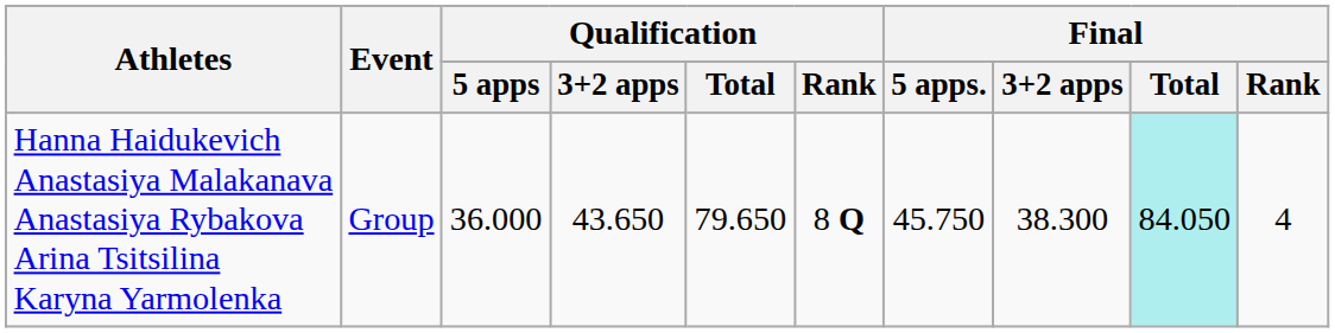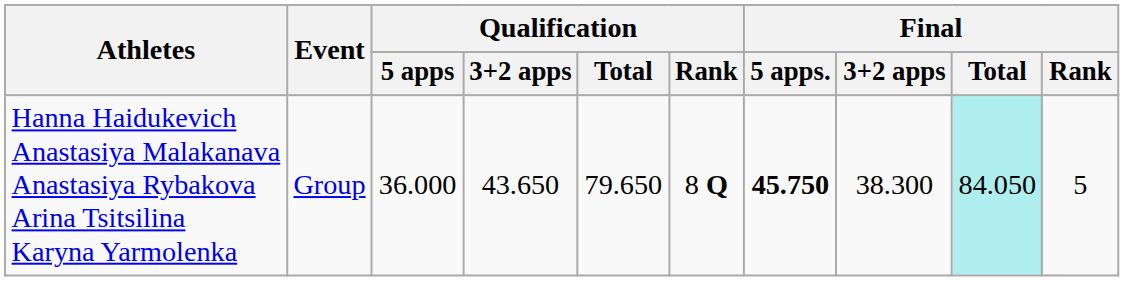 <table class="wikitable" style="font-size:90%">
 <tr>
 <th rowspan="2">Athletes</th>
 <th rowspan="2">Event</th>
 <th colspan="4">Qualification</th>
 <th colspan="4">Final</th>
 </tr>
 <tr style="font-size:95%">
 <th>5 apps</th>
 <th>3+2 apps</th>
 <th>Total</th>
 <th>Rank</th>
 <th>5 apps.</th>
 <th>3+2 apps</th>
 <th>Total</th>
 <th>Rank</th>
 </tr>
 <tr align=center>
 <td align=left><a href='#'>Hanna Haidukevich</a><br><a href='#'>Anastasiya Malakanava</a><br><a href='#'>Anastasiya Rybakova</a><br><a href='#'>Arina Tsitsilina</a><br><a href='#'>Karyna Yarmolenka</a></td>
 <td align=left><a href='#'>Group</a></td>
 <td>36.000</td>
 <td>43.650</td>
 <td>79.650</td>
 <td>8 <strong>Q</strong></td>
-<td>45.750</td>
+<td><strong>45.750</strong></td>
 <td>38.300</td>
 <td style="background: paleturquoise;">84.050</td>
-<td>4</td>
+<td>5</td>
 </tr>
 </table>
